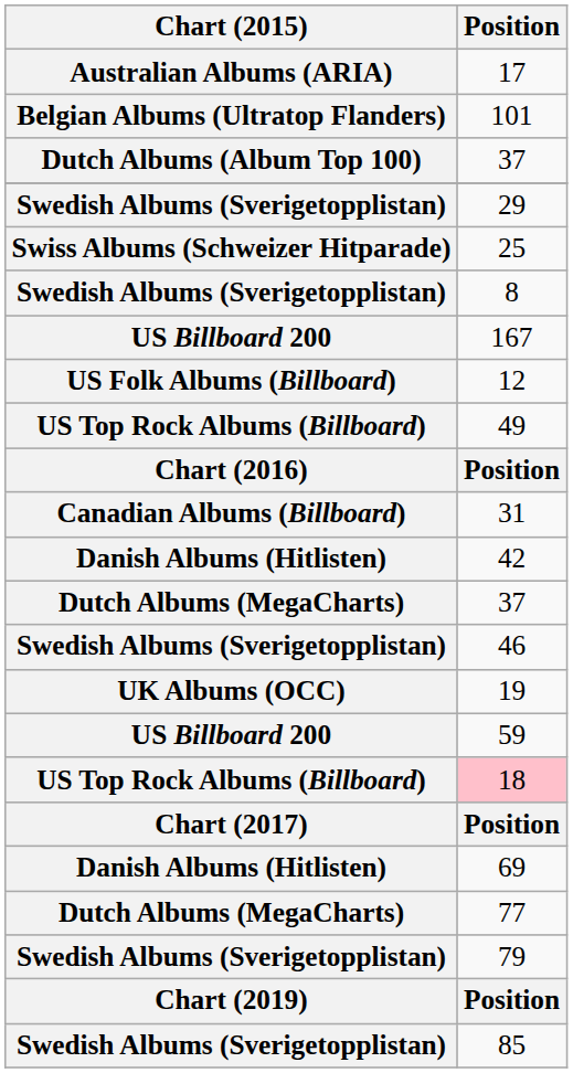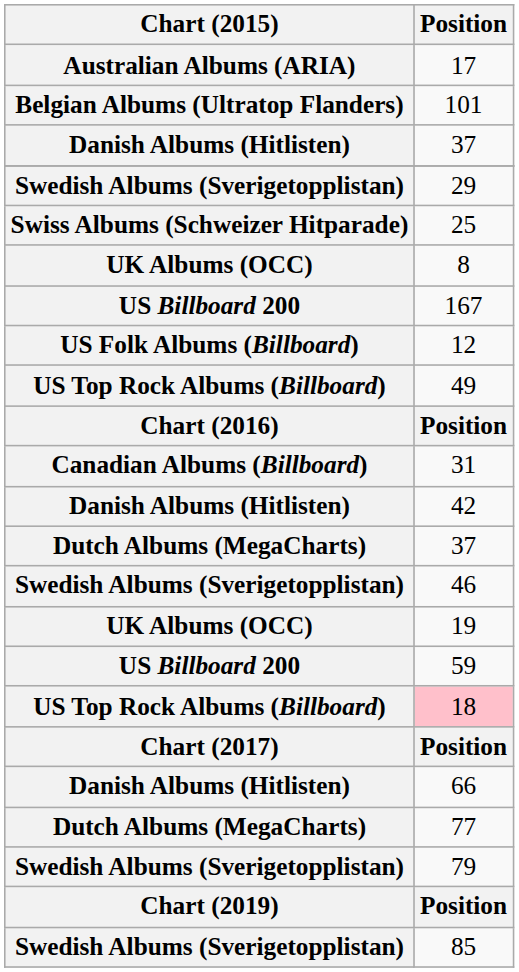 <table class="wikitable sortable plainrowheaders" style="text-align:center">
 <tr>
 <th scope="col">Chart (2015)</th>
 <th scope="col">Position</th>
 </tr>
 <tr>
 <th scope="row">Australian Albums (ARIA)</th>
 <td>17</td>
 </tr>
 <tr>
 <th scope="row">Belgian Albums (Ultratop Flanders)</th>
 <td>101</td>
 </tr>
 <tr>
-<th scope="row">Dutch Albums (Album Top 100)</th>
+<th scope="row">Danish Albums (Hitlisten)</th>
 <td>37</td>
 </tr>
 <tr>
 </tr>
 <tr>
 </tr>
 <tr>
 <th scope="row">Swedish Albums (Sverigetopplistan)</th>
 <td>29</td>
 </tr>
 <tr>
 <th scope="row">Swiss Albums (Schweizer Hitparade)</th>
 <td>25</td>
 </tr>
 <tr>
-<th scope="row">Swedish Albums (Sverigetopplistan)</th>
+<th scope="row">UK Albums (OCC)</th>
 <td>8</td>
 </tr>
 <tr>
 <th scope="row">US <em>Billboard</em> 200</th>
 <td>167</td>
 </tr>
 <tr>
 <th scope="row">US Folk Albums (<em>Billboard</em>)</th>
 <td>12</td>
 </tr>
 <tr>
 <th scope="row">US Top Rock Albums (<em>Billboard</em>)</th>
 <td>49</td>
 </tr>
 <tr>
 <th scope="col">Chart (2016)</th>
 <th scope="col">Position</th>
 </tr>
 <tr>
 <th scope="row">Canadian Albums (<em>Billboard</em>)</th>
 <td>31</td>
 </tr>
 <tr>
 <th scope="row">Danish Albums (Hitlisten)</th>
 <td>42</td>
 </tr>
 <tr>
 <th scope="row">Dutch Albums (MegaCharts)</th>
 <td>37</td>
 </tr>
 <tr>
 <th scope="row">Swedish Albums (Sverigetopplistan)</th>
 <td>46</td>
 </tr>
 <tr>
 <th scope="row">UK Albums (OCC)</th>
 <td>19</td>
 </tr>
 <tr>
 <th scope="row">US <em>Billboard</em> 200</th>
 <td>59</td>
 </tr>
 <tr>
 <th scope="row">US Top Rock Albums (<em>Billboard</em>)</th>
 <td style="background: pink;">18</td>
 </tr>
 <tr>
 <th scope="col">Chart (2017)</th>
 <th scope="col">Position</th>
 </tr>
 <tr>
 <th scope="row">Danish Albums (Hitlisten)</th>
-<td>69</td>
+<td>66</td>
 </tr>
 <tr>
 <th scope="row">Dutch Albums (MegaCharts)</th>
 <td>77</td>
 </tr>
 <tr>
 <th scope="row">Swedish Albums (Sverigetopplistan)</th>
 <td>79</td>
 </tr>
 <tr>
 <th scope="col">Chart (2019)</th>
 <th scope="col">Position</th>
 </tr>
 <tr>
 <th scope="row">Swedish Albums (Sverigetopplistan)</th>
 <td>85</td>
 </tr>
 </table>
